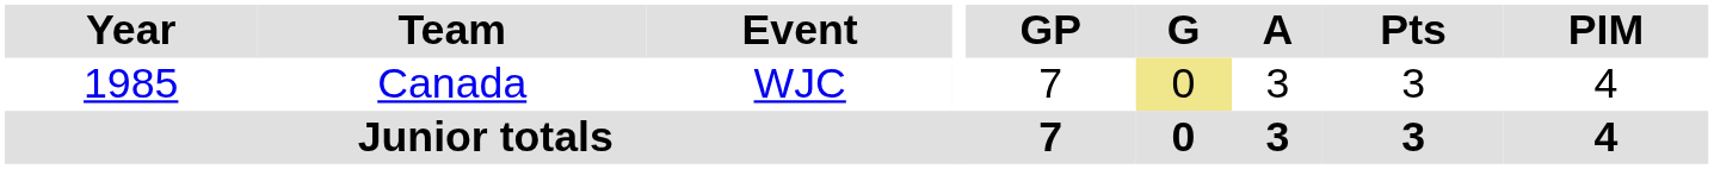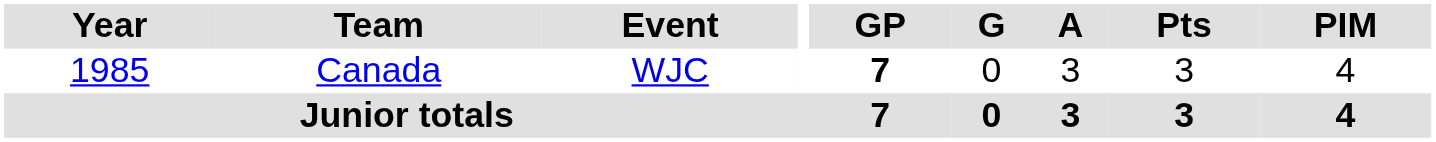 <table border="0" cellpadding="1" cellspacing="0" ID="Table3" style="text-align:center; width:40em">
 <tr bgcolor="#e0e0e0">
 <th>Year</th>
 <th>Team</th>
 <th>Event</th>
 <th rowspan="102" bgcolor="#ffffff"></th>
 <th>GP</th>
 <th>G</th>
 <th>A</th>
 <th>Pts</th>
 <th>PIM</th>
 </tr>
 <tr>
 <td><a href='#'>1985</a></td>
 <td><a href='#'>Canada</a></td>
 <td><a href='#'>WJC</a></td>
-<td>7</td>
-<td style="background: khaki;">0</td>
+<td><strong>7</strong></td>
+<td>0</td>
 <td>3</td>
 <td>3</td>
 <td>4</td>
 </tr>
 <tr bgcolor="#e0e0e0">
 <th colspan="4">Junior totals</th>
 <th>7</th>
 <th>0</th>
 <th>3</th>
 <th>3</th>
 <th>4</th>
 </tr>
 </table>
